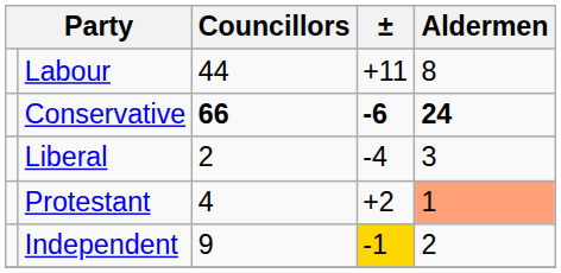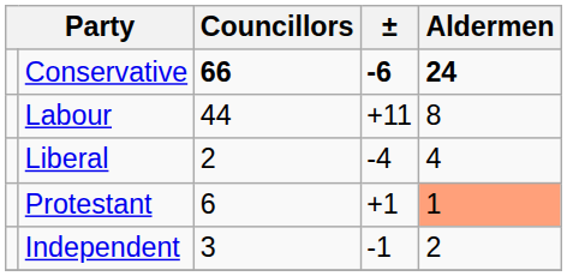 <table class="wikitable">
 <tr>
 <th colspan="2">Party</th>
 <th>Councillors</th>
 <th>  ±  </th>
 <th>Aldermen</th>
+</tr>
+<tr>
+<td style="background-color: "></td>
+<td><a href='#'>Conservative</a></td>
+<td><strong>66</strong></td>
+<td><strong>-6</strong></td>
+<td><strong>24</strong></td>
 </tr>
 <tr>
 <td style="background-color: "></td>
 <td><a href='#'>Labour</a></td>
 <td>44</td>
 <td>+11</td>
 <td>8</td>
 </tr>
 <tr>
 <td style="background-color: "></td>
-<td><a href='#'>Conservative</a></td>
-<td><strong>66</strong></td>
-<td><strong>-6</strong></td>
-<td><strong>24</strong></td>
-</tr>
-<tr>
-<td style="background-color: "></td>
 <td><a href='#'>Liberal</a></td>
 <td>2</td>
 <td>-4</td>
-<td>3</td>
+<td>4</td>
 </tr>
 <tr>
 <td style="background-color: "></td>
 <td><a href='#'>Protestant</a></td>
-<td>4</td>
-<td>+2</td>
+<td>6</td>
+<td>+1</td>
 <td style="background: lightsalmon;">1</td>
 </tr>
 <tr>
 <td style="background-color: "></td>
 <td><a href='#'>Independent</a></td>
-<td>9</td>
-<td style="background: gold;">-1</td>
+<td>3</td>
+<td>-1</td>
 <td>2</td>
 </tr>
 <tr>
 </tr>
 </table>
